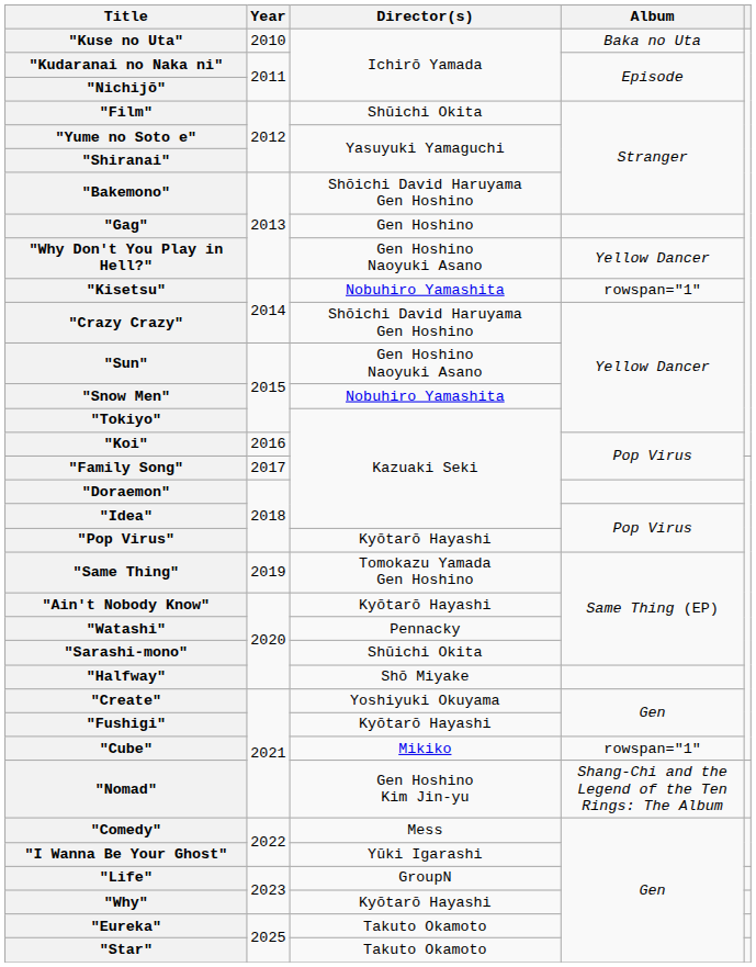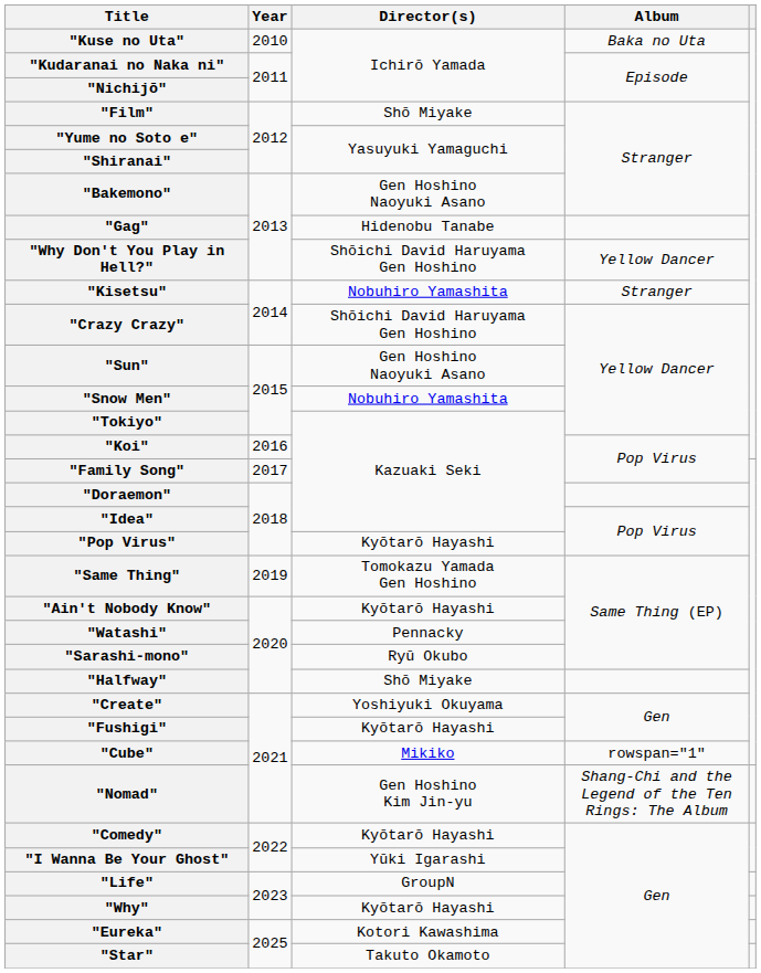 <table class="wikitable plainrowheaders" style="text-align:center;">
 <tr>
 <th scope="col" style="width:16em;">Title</th>
 <th scope="col">Year</th>
 <th scope="col" style="width:18em;">Director(s)</th>
 <th scope="col" style="width:12em;">Album</th>
 <th scope="col"></th>
 </tr>
 <tr>
 <th scope="row">"Kuse no Uta"</th>
 <td>2010</td>
 <td rowspan="3">Ichirō Yamada</td>
 <td><em>Baka no Uta</em></td>
 <td rowspan="15"></td>
 </tr>
 <tr>
 <th scope="row">"Kudaranai no Naka ni"</th>
 <td rowspan="2">2011</td>
 <td rowspan="2"><em>Episode</em></td>
 </tr>
 <tr>
 <th scope="row">"Nichijō"</th>
 </tr>
 <tr>
 <th scope="row">"Film"</th>
 <td rowspan="3">2012</td>
-<td>Shūichi Okita</td>
+<td>Shō Miyake</td>
 <td rowspan="4"><em>Stranger</em></td>
 </tr>
 <tr>
 <th scope="row">"Yume no Soto e"</th>
 <td rowspan="2">Yasuyuki Yamaguchi</td>
 </tr>
 <tr>
 <th scope="row">"Shiranai"</th>
 </tr>
 <tr>
 <th scope="row">"Bakemono"</th>
 <td rowspan="3">2013</td>
-<td>Shōichi David Haruyama<br>Gen Hoshino</td>
+<td>Gen Hoshino<br>Naoyuki Asano</td>
 </tr>
 <tr>
 <th scope="row">"Gag"</th>
-<td>Gen Hoshino</td>
+<td>Hidenobu Tanabe</td>
 <td></td>
 </tr>
 <tr>
 <th scope="row">"Why Don't You Play in Hell?"</th>
-<td>Gen Hoshino<br>Naoyuki Asano</td>
+<td>Shōichi David Haruyama<br>Gen Hoshino</td>
 <td><em>Yellow Dancer</em></td>
 </tr>
 <tr>
 <th scope="row">"Kisetsu"</th>
 <td rowspan="2">2014</td>
 <td><a href='#'>Nobuhiro Yamashita</a></td>
-<td>rowspan="1" </td>
+<td><em>Stranger</em></td>
 </tr>
 <tr>
 <th scope="row">"Crazy Crazy"</th>
 <td>Shōichi David Haruyama<br>Gen Hoshino</td>
 <td rowspan="4"><em>Yellow Dancer</em></td>
 </tr>
 <tr>
 <th scope="row">"Sun"</th>
 <td rowspan="3">2015</td>
 <td>Gen Hoshino<br>Naoyuki Asano</td>
 </tr>
 <tr>
 <th scope="row">"Snow Men"</th>
 <td><a href='#'>Nobuhiro Yamashita</a></td>
 </tr>
 <tr>
 <th scope="row">"Tokiyo"</th>
 <td rowspan="5">Kazuaki Seki</td>
 </tr>
 <tr>
 <th scope="row">"Koi"</th>
 <td>2016</td>
 <td rowspan="2"><em>Pop Virus</em></td>
 </tr>
 <tr>
 <th scope="row">"Family Song"</th>
 <td>2017</td>
 <td rowspan="12"></td>
 </tr>
 <tr>
 <th scope="row">"Doraemon"</th>
 <td rowspan="3">2018</td>
 <td></td>
 </tr>
 <tr>
 <th scope="row">"Idea"</th>
 <td rowspan="2"><em>Pop Virus</em></td>
 </tr>
 <tr>
 <th scope="row">"Pop Virus"</th>
 <td>Kyōtarō Hayashi</td>
 </tr>
 <tr>
 <th scope="row">"Same Thing"<br></th>
 <td>2019</td>
 <td>Tomokazu Yamada<br>Gen Hoshino</td>
 <td rowspan="4"><em>Same Thing</em> (EP)</td>
 </tr>
 <tr>
 <th scope="row">"Ain't Nobody Know"<br></th>
 <td rowspan="4">2020</td>
 <td>Kyōtarō Hayashi</td>
 </tr>
 <tr>
 <th scope="row">"Watashi"</th>
 <td>Pennacky</td>
 </tr>
 <tr>
 <th scope="row">"Sarashi-mono"<br></th>
-<td>Shūichi Okita</td>
+<td>Ryū Okubo</td>
 </tr>
 <tr>
 <th scope="row">"Halfway"</th>
 <td>Shō Miyake</td>
 <td></td>
 </tr>
 <tr>
 <th scope="row">"Create"</th>
 <td rowspan="4">2021</td>
 <td>Yoshiyuki Okuyama</td>
 <td rowspan="2"><em>Gen</em></td>
 </tr>
 <tr>
 <th scope="row">"Fushigi"</th>
 <td>Kyōtarō Hayashi</td>
 </tr>
 <tr>
 <th scope="row">"Cube"</th>
 <td><a href='#'>Mikiko</a></td>
 <td>rowspan="1" </td>
 </tr>
 <tr>
 <th scope="row">"Nomad"<br></th>
 <td>Gen Hoshino<br>Kim Jin-yu</td>
 <td><em>Shang-Chi and the Legend of the Ten Rings: The Album</em></td>
 <td></td>
 </tr>
 <tr>
 <th scope="row">"Comedy"</th>
 <td rowspan="2">2022</td>
-<td>Mess</td>
+<td>Kyōtarō Hayashi</td>
 <td rowspan="6"><em>Gen</em></td>
 <td rowspan="2"></td>
 </tr>
 <tr>
 <th scope="row">"I Wanna Be Your Ghost"</th>
 <td>Yūki Igarashi</td>
 </tr>
 <tr>
 <th scope="row">"Life"</th>
 <td rowspan="2">2023</td>
 <td>GroupN</td>
 <td></td>
 </tr>
 <tr>
 <th scope="row">"Why"</th>
 <td>Kyōtarō Hayashi</td>
 <td></td>
 </tr>
 <tr>
 <th scope="row">"Eureka"</th>
 <td rowspan="2">2025</td>
-<td>Takuto Okamoto</td>
+<td>Kotori Kawashima</td>
 <td></td>
 </tr>
 <tr>
 <th scope="row">"Star"</th>
 <td>Takuto Okamoto</td>
 <td></td>
 </tr>
 </table>
